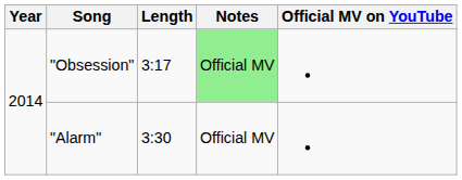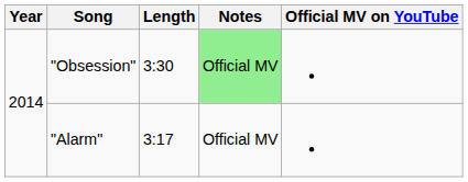 <table class="wikitable">
 <tr>
 <th>Year</th>
 <th>Song</th>
 <th>Length</th>
 <th>Notes</th>
 <th>Official MV on <a href='#'>YouTube</a></th>
 </tr>
 <tr>
 <td rowspan="2">2014</td>
 <td>"Obsession"</td>
-<td>3:17</td>
+<td>3:30</td>
 <td style="background: lightgreen;">Official MV</td>
 <td><br><ul><li></li></ul></td>
 </tr>
 <tr>
 <td>"Alarm"</td>
-<td>3:30</td>
+<td>3:17</td>
 <td>Official MV</td>
 <td><br><ul><li></li></ul></td>
 </tr>
 </table>
